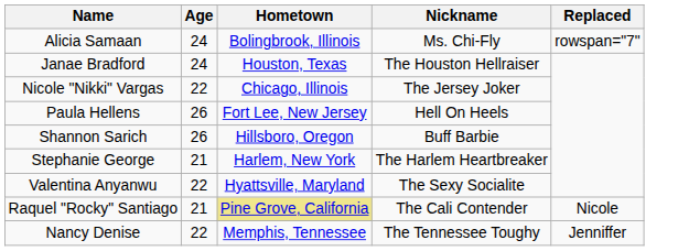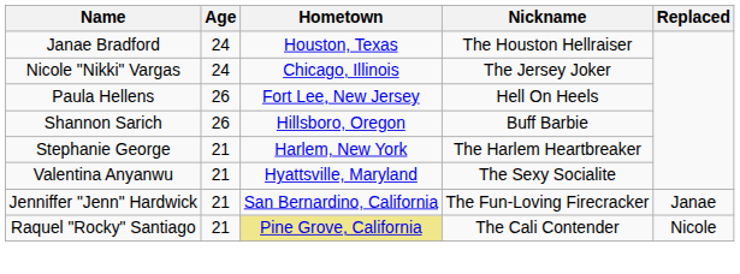 <table class="wikitable sortable plainrowheaders" style="text-align:center;">
 <tr>
 <th scope="col">Name</th>
 <th scope="col">Age</th>
 <th scope="col">Hometown</th>
 <th scope="col">Nickname</th>
 <th scope="col">Replaced</th>
 </tr>
 <tr>
-<td scope="row">Alicia Samaan</td>
-<td>24</td>
-<td><a href='#'>Bolingbrook, Illinois</a></td>
-<td>Ms. Chi-Fly</td>
-<td>rowspan="7" </td>
-</tr>
-<tr>
 <td scope="row">Janae Bradford</td>
 <td>24</td>
 <td><a href='#'>Houston, Texas</a></td>
 <td>The Houston Hellraiser</td>
 </tr>
 <tr>
 <td scope="row">Nicole "Nikki" Vargas</td>
-<td>22</td>
+<td>24</td>
 <td><a href='#'>Chicago, Illinois</a></td>
 <td>The Jersey Joker</td>
 </tr>
 <tr>
 <td scope="row">Paula Hellens</td>
 <td>26</td>
 <td><a href='#'>Fort Lee, New Jersey</a></td>
 <td>Hell On Heels</td>
 </tr>
 <tr>
 <td scope="row">Shannon Sarich</td>
 <td>26</td>
 <td><a href='#'>Hillsboro, Oregon</a></td>
 <td>Buff Barbie</td>
 </tr>
 <tr>
 <td scope="row">Stephanie George</td>
 <td>21</td>
 <td><a href='#'>Harlem, New York</a></td>
 <td>The Harlem Heartbreaker</td>
 </tr>
 <tr>
 <td scope="row">Valentina Anyanwu</td>
-<td>22</td>
+<td>21</td>
 <td><a href='#'>Hyattsville, Maryland</a></td>
 <td>The Sexy Socialite</td>
+</tr>
+<tr>
+<td scope="row">Jenniffer "Jenn" Hardwick</td>
+<td>21</td>
+<td><a href='#'>San Bernardino, California</a></td>
+<td>The Fun-Loving Firecracker</td>
+<td>Janae</td>
 </tr>
 <tr>
 <td scope="row">Raquel "Rocky" Santiago</td>
 <td>21</td>
 <td style="background: khaki;"><a href='#'>Pine Grove, California</a></td>
 <td>The Cali Contender</td>
 <td>Nicole</td>
 </tr>
-<tr>
-<td scope="row">Nancy Denise</td>
-<td>22</td>
-<td><a href='#'>Memphis, Tennessee</a></td>
-<td>The Tennessee Toughy</td>
-<td>Jenniffer</td>
-</tr>
 </table>
